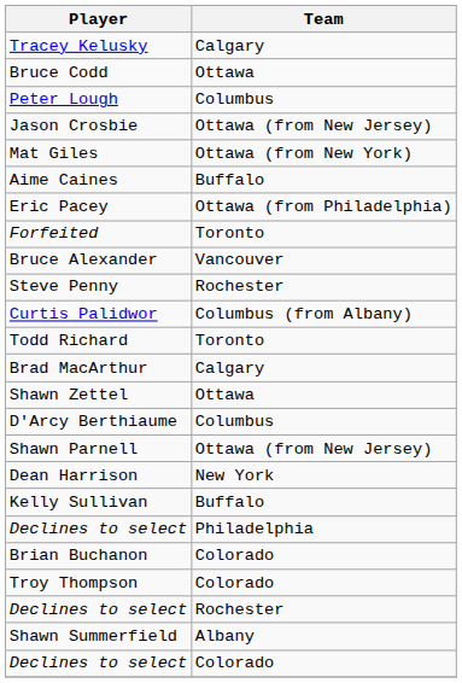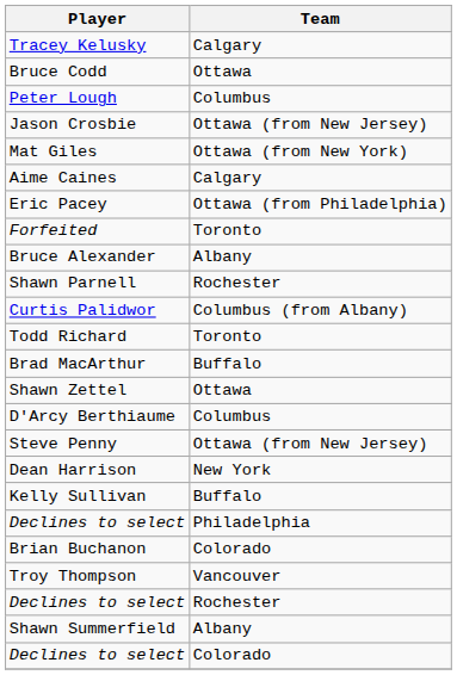 <table class="wikitable">
 <tr>
 <th>Player</th>
 <th>Team</th>
 </tr>
 <tr>
 <td><a href='#'>Tracey Kelusky</a></td>
 <td>Calgary</td>
 </tr>
 <tr>
 <td>Bruce Codd</td>
 <td>Ottawa</td>
 </tr>
 <tr>
 <td><a href='#'>Peter Lough</a></td>
 <td>Columbus</td>
 </tr>
 <tr>
 <td>Jason Crosbie</td>
 <td>Ottawa (from New Jersey)</td>
 </tr>
 <tr>
 <td>Mat Giles</td>
 <td>Ottawa (from New York)</td>
 </tr>
 <tr>
 <td>Aime Caines</td>
-<td>Buffalo</td>
+<td>Calgary</td>
 </tr>
 <tr>
 <td>Eric Pacey</td>
 <td>Ottawa (from Philadelphia)</td>
 </tr>
 <tr>
 <td><em>Forfeited</em></td>
 <td>Toronto</td>
 </tr>
 <tr>
 <td>Bruce Alexander</td>
-<td>Vancouver</td>
+<td>Albany</td>
 </tr>
 <tr>
-<td>Steve Penny</td>
+<td>Shawn Parnell</td>
 <td>Rochester</td>
 </tr>
 <tr>
 <td><a href='#'>Curtis Palidwor</a></td>
 <td>Columbus (from Albany)</td>
 </tr>
 <tr>
 <td>Todd Richard</td>
 <td>Toronto</td>
 </tr>
 <tr>
 <td>Brad MacArthur</td>
-<td>Calgary</td>
+<td>Buffalo</td>
 </tr>
 <tr>
 <td>Shawn Zettel</td>
 <td>Ottawa</td>
 </tr>
 <tr>
 <td>D'Arcy Berthiaume</td>
 <td>Columbus</td>
 </tr>
 <tr>
-<td>Shawn Parnell</td>
+<td>Steve Penny</td>
 <td>Ottawa (from New Jersey)</td>
 </tr>
 <tr>
 <td>Dean Harrison</td>
 <td>New York</td>
 </tr>
 <tr>
 <td>Kelly Sullivan</td>
 <td>Buffalo</td>
 </tr>
 <tr>
 <td><em>Declines to select</em></td>
 <td>Philadelphia</td>
 </tr>
 <tr>
 <td>Brian Buchanon</td>
 <td>Colorado</td>
 </tr>
 <tr>
 <td>Troy Thompson</td>
-<td>Colorado</td>
+<td>Vancouver</td>
 </tr>
 <tr>
 <td><em>Declines to select</em></td>
 <td>Rochester</td>
 </tr>
 <tr>
 <td>Shawn Summerfield</td>
 <td>Albany</td>
 </tr>
 <tr>
 <td><em>Declines to select</em></td>
 <td>Colorado</td>
 </tr>
 <tr>
 </tr>
 </table>
